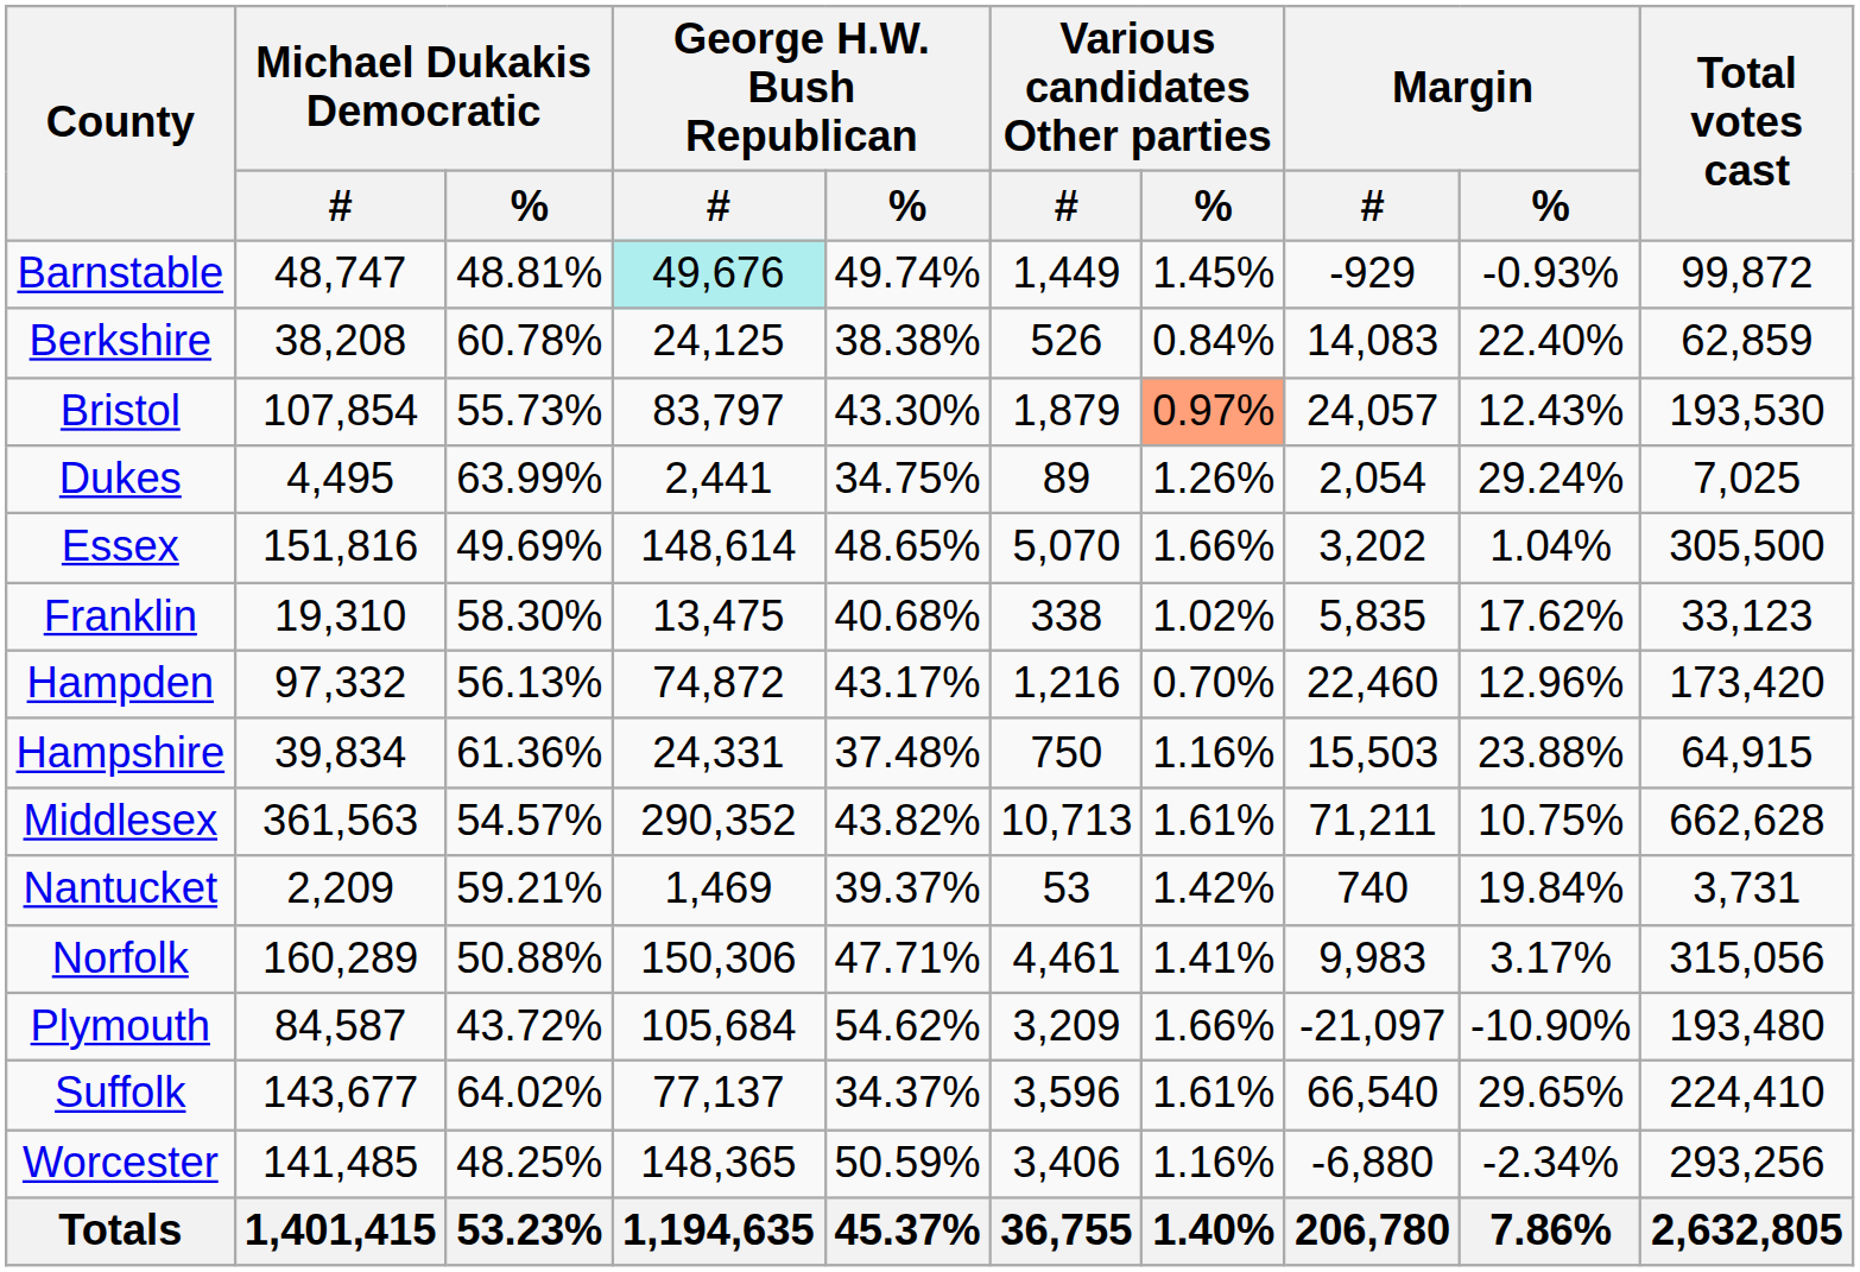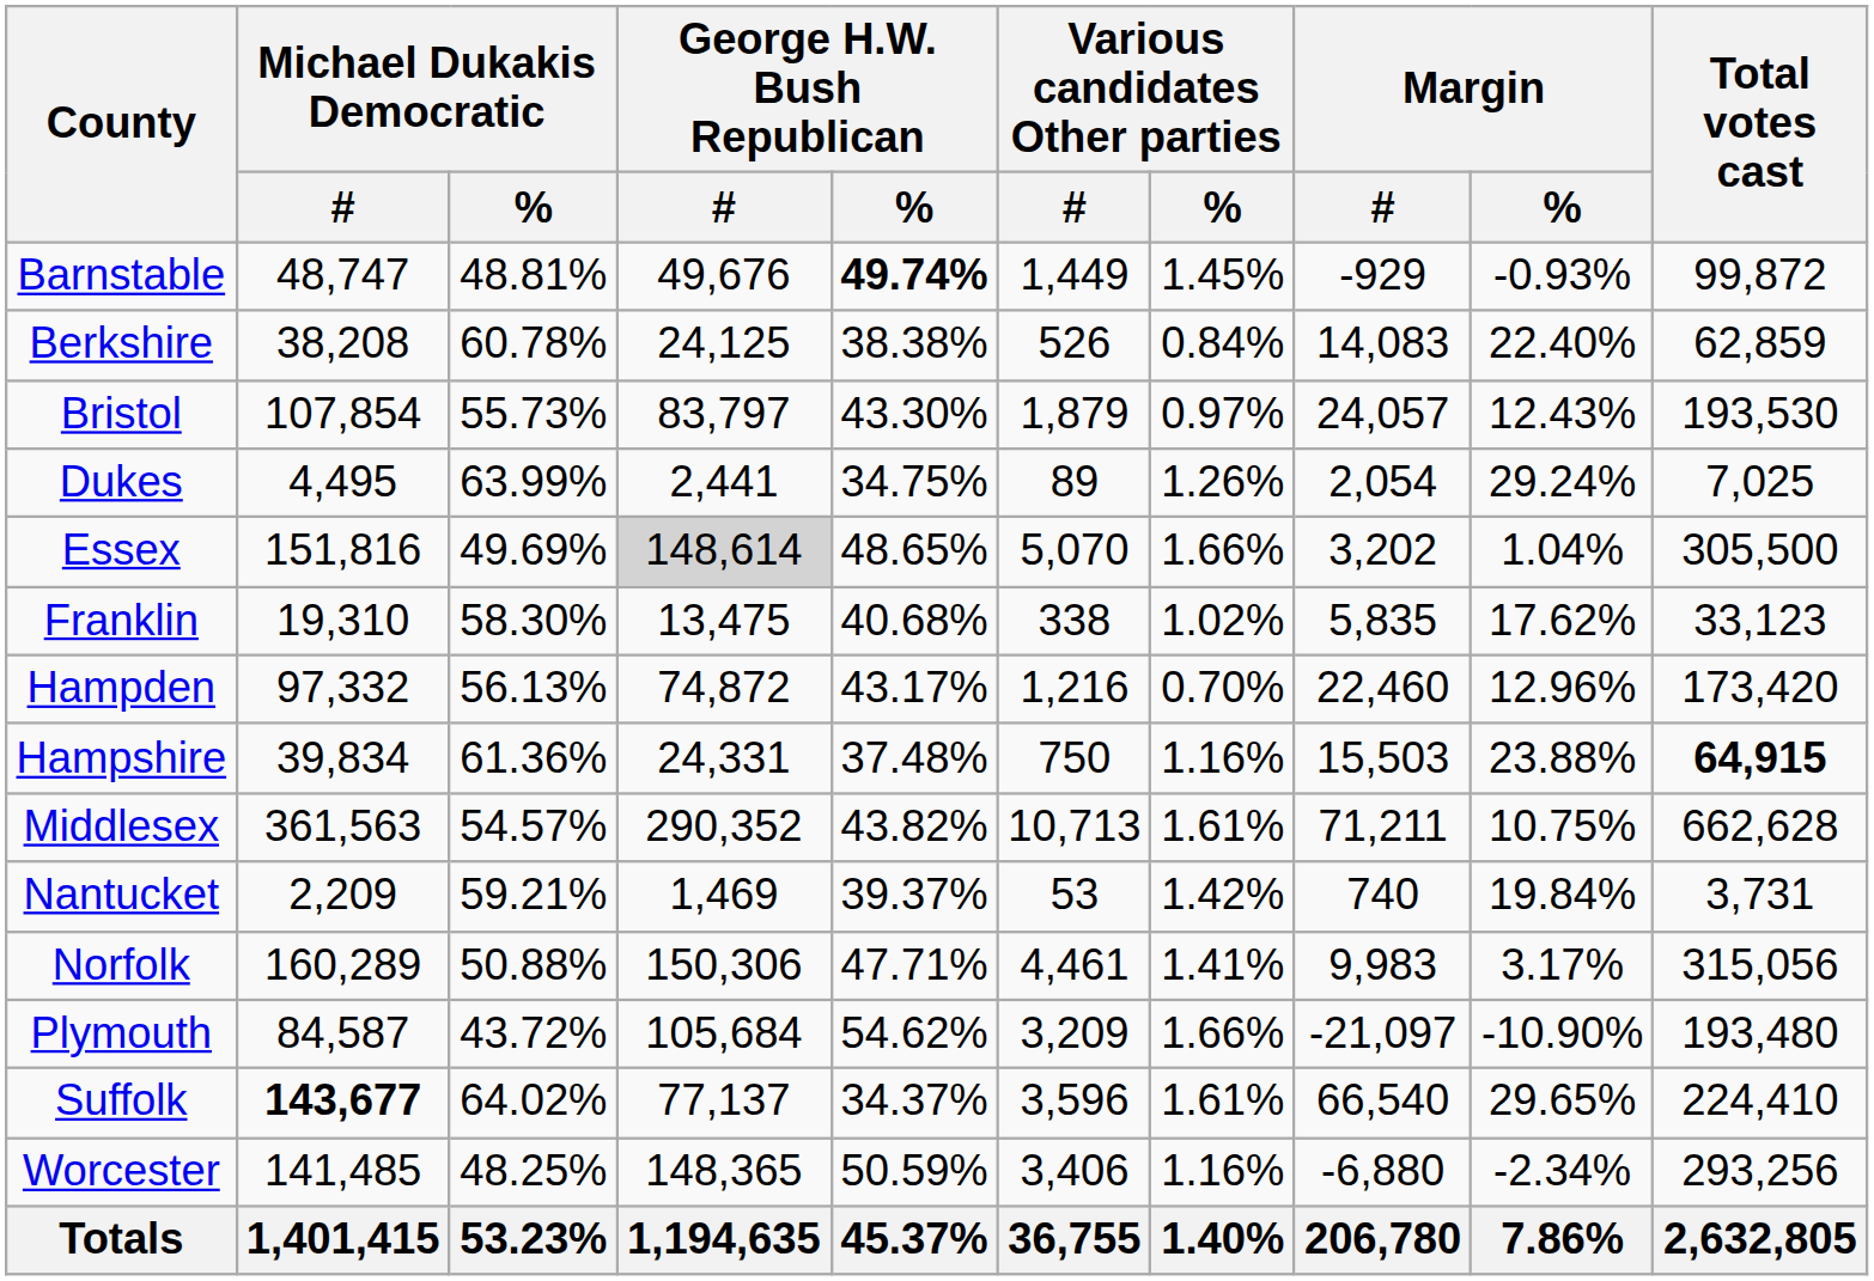 <table width="60%"  class="wikitable sortable" style="text-align:center">
 <tr>
 <th style="text-align:center;" rowspan="2">County</th>
 <th style="text-align:center;" colspan="2">Michael Dukakis<br>Democratic</th>
 <th style="text-align:center;" colspan="2">George H.W. Bush<br>Republican</th>
 <th style="text-align:center;" colspan="2">Various candidates<br>Other parties</th>
 <th style="text-align:center;" colspan="2">Margin</th>
 <th style="text-align:center;" rowspan="2">Total votes cast</th>
 </tr>
 <tr>
 <th style="text-align:center;" data-sort-type="number">#</th>
 <th style="text-align:center;" data-sort-type="number">%</th>
 <th style="text-align:center;" data-sort-type="number">#</th>
 <th style="text-align:center;" data-sort-type="number">%</th>
 <th style="text-align:center;" data-sort-type="number">#</th>
 <th style="text-align:center;" data-sort-type="number">%</th>
 <th style="text-align:center;" data-sort-type="number">#</th>
 <th style="text-align:center;" data-sort-type="number">%</th>
 </tr>
 <tr style="text-align:center;">
 <td><a href='#'>Barnstable</a></td>
 <td>48,747</td>
 <td>48.81%</td>
-<td style="background: paleturquoise;">49,676</td>
-<td>49.74%</td>
+<td>49,676</td>
+<td><strong>49.74%</strong></td>
 <td>1,449</td>
 <td>1.45%</td>
 <td>-929</td>
 <td>-0.93%</td>
 <td>99,872</td>
 </tr>
 <tr style="text-align:center;">
 <td><a href='#'>Berkshire</a></td>
 <td>38,208</td>
 <td>60.78%</td>
 <td>24,125</td>
 <td>38.38%</td>
 <td>526</td>
 <td>0.84%</td>
 <td>14,083</td>
 <td>22.40%</td>
 <td>62,859</td>
 </tr>
 <tr style="text-align:center;">
 <td><a href='#'>Bristol</a></td>
 <td>107,854</td>
 <td>55.73%</td>
 <td>83,797</td>
 <td>43.30%</td>
 <td>1,879</td>
-<td style="background: lightsalmon;">0.97%</td>
+<td>0.97%</td>
 <td>24,057</td>
 <td>12.43%</td>
 <td>193,530</td>
 </tr>
 <tr style="text-align:center;">
 <td><a href='#'>Dukes</a></td>
 <td>4,495</td>
 <td>63.99%</td>
 <td>2,441</td>
 <td>34.75%</td>
 <td>89</td>
 <td>1.26%</td>
 <td>2,054</td>
 <td>29.24%</td>
 <td>7,025</td>
 </tr>
 <tr style="text-align:center;">
 <td><a href='#'>Essex</a></td>
 <td>151,816</td>
 <td>49.69%</td>
-<td>148,614</td>
+<td style="background: lightgrey;">148,614</td>
 <td>48.65%</td>
 <td>5,070</td>
 <td>1.66%</td>
 <td>3,202</td>
 <td>1.04%</td>
 <td>305,500</td>
 </tr>
 <tr style="text-align:center;">
 <td><a href='#'>Franklin</a></td>
 <td>19,310</td>
 <td>58.30%</td>
 <td>13,475</td>
 <td>40.68%</td>
 <td>338</td>
 <td>1.02%</td>
 <td>5,835</td>
 <td>17.62%</td>
 <td>33,123</td>
 </tr>
 <tr style="text-align:center;">
 <td><a href='#'>Hampden</a></td>
 <td>97,332</td>
 <td>56.13%</td>
 <td>74,872</td>
 <td>43.17%</td>
 <td>1,216</td>
 <td>0.70%</td>
 <td>22,460</td>
 <td>12.96%</td>
 <td>173,420</td>
 </tr>
 <tr style="text-align:center;">
 <td><a href='#'>Hampshire</a></td>
 <td>39,834</td>
 <td>61.36%</td>
 <td>24,331</td>
 <td>37.48%</td>
 <td>750</td>
 <td>1.16%</td>
 <td>15,503</td>
 <td>23.88%</td>
-<td>64,915</td>
+<td><strong>64,915</strong></td>
 </tr>
 <tr style="text-align:center;">
 <td><a href='#'>Middlesex</a></td>
 <td>361,563</td>
 <td>54.57%</td>
 <td>290,352</td>
 <td>43.82%</td>
 <td>10,713</td>
 <td>1.61%</td>
 <td>71,211</td>
 <td>10.75%</td>
 <td>662,628</td>
 </tr>
 <tr style="text-align:center;">
 <td><a href='#'>Nantucket</a></td>
 <td>2,209</td>
 <td>59.21%</td>
 <td>1,469</td>
 <td>39.37%</td>
 <td>53</td>
 <td>1.42%</td>
 <td>740</td>
 <td>19.84%</td>
 <td>3,731</td>
 </tr>
 <tr style="text-align:center;">
 <td><a href='#'>Norfolk</a></td>
 <td>160,289</td>
 <td>50.88%</td>
 <td>150,306</td>
 <td>47.71%</td>
 <td>4,461</td>
 <td>1.41%</td>
 <td>9,983</td>
 <td>3.17%</td>
 <td>315,056</td>
 </tr>
 <tr style="text-align:center;">
 <td><a href='#'>Plymouth</a></td>
 <td>84,587</td>
 <td>43.72%</td>
 <td>105,684</td>
 <td>54.62%</td>
 <td>3,209</td>
 <td>1.66%</td>
 <td>-21,097</td>
 <td>-10.90%</td>
 <td>193,480</td>
 </tr>
 <tr style="text-align:center;">
 <td><a href='#'>Suffolk</a></td>
-<td>143,677</td>
+<td><strong>143,677</strong></td>
 <td>64.02%</td>
 <td>77,137</td>
 <td>34.37%</td>
 <td>3,596</td>
 <td>1.61%</td>
 <td>66,540</td>
 <td>29.65%</td>
 <td>224,410</td>
 </tr>
 <tr style="text-align:center;">
 <td><a href='#'>Worcester</a></td>
 <td>141,485</td>
 <td>48.25%</td>
 <td>148,365</td>
 <td>50.59%</td>
 <td>3,406</td>
 <td>1.16%</td>
 <td>-6,880</td>
 <td>-2.34%</td>
 <td>293,256</td>
 </tr>
 <tr>
 <th>Totals</th>
 <th>1,401,415</th>
 <th>53.23%</th>
 <th>1,194,635</th>
 <th>45.37%</th>
 <th>36,755</th>
 <th>1.40%</th>
 <th>206,780</th>
 <th>7.86%</th>
 <th>2,632,805</th>
 </tr>
 </table>
